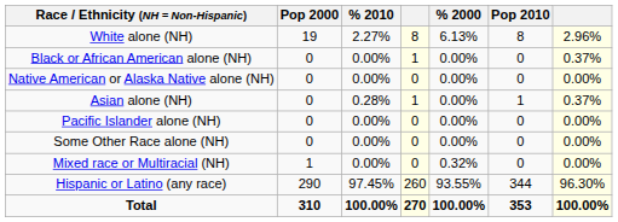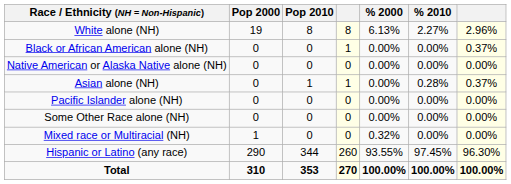 <table class="wikitable" style="text-align:center;">
 <tr>
 <th>Race / Ethnicity <small>(<em>NH = Non-Hispanic</em>)</small></th>
 <th>Pop 2000</th>
-<th>% 2010</th>
+<th>Pop 2010</th>
 <th></th>
 <th>% 2000</th>
-<th>Pop 2010</th>
+<th>% 2010</th>
 <th></th>
 </tr>
 <tr>
 <td><a href='#'>White</a> alone (NH)</td>
 <td>19</td>
-<td>2.27%</td>
+<td>8</td>
 <td style='background: #ffffe6;'>8</td>
 <td>6.13%</td>
-<td>8</td>
+<td>2.27%</td>
 <td style='background: #ffffe6;'>2.96%</td>
 </tr>
 <tr>
 <td><a href='#'>Black or African American</a> alone (NH)</td>
 <td>0</td>
-<td>0.00%</td>
+<td>0</td>
 <td style='background: #ffffe6;'>1</td>
 <td>0.00%</td>
-<td>0</td>
+<td>0.00%</td>
 <td style='background: #ffffe6;'>0.37%</td>
 </tr>
 <tr>
 <td><a href='#'>Native American</a> or <a href='#'>Alaska Native</a> alone (NH)</td>
 <td>0</td>
-<td>0.00%</td>
+<td>0</td>
 <td style='background: #ffffe6;'>0</td>
 <td>0.00%</td>
-<td>0</td>
+<td>0.00%</td>
 <td style='background: #ffffe6;'>0.00%</td>
 </tr>
 <tr>
 <td><a href='#'>Asian</a> alone (NH)</td>
 <td>0</td>
-<td>0.28%</td>
+<td>1</td>
 <td style='background: #ffffe6;'>1</td>
 <td>0.00%</td>
-<td>1</td>
+<td>0.28%</td>
 <td style='background: #ffffe6;'>0.37%</td>
 </tr>
 <tr>
 <td><a href='#'>Pacific Islander</a> alone (NH)</td>
 <td>0</td>
-<td>0.00%</td>
+<td>0</td>
 <td style='background: #ffffe6;'>0</td>
 <td>0.00%</td>
-<td>0</td>
+<td>0.00%</td>
 <td style='background: #ffffe6;'>0.00%</td>
 </tr>
 <tr>
 <td>Some Other Race alone (NH)</td>
 <td>0</td>
-<td>0.00%</td>
+<td>0</td>
 <td style='background: #ffffe6;'>0</td>
 <td>0.00%</td>
-<td>0</td>
+<td>0.00%</td>
 <td style='background: #ffffe6;'>0.00%</td>
 </tr>
 <tr>
 <td><a href='#'>Mixed race or Multiracial</a> (NH)</td>
 <td>1</td>
-<td>0.00%</td>
+<td>0</td>
 <td style='background: #ffffe6;'>0</td>
 <td>0.32%</td>
-<td>0</td>
+<td>0.00%</td>
 <td style='background: #ffffe6;'>0.00%</td>
 </tr>
 <tr>
 <td><a href='#'>Hispanic or Latino</a> (any race)</td>
 <td>290</td>
-<td>97.45%</td>
+<td>344</td>
 <td style='background: #ffffe6;'>260</td>
 <td>93.55%</td>
-<td>344</td>
+<td>97.45%</td>
 <td style='background: #ffffe6;'>96.30%</td>
 </tr>
 <tr>
 <td><strong>Total</strong></td>
 <td><strong>310</strong></td>
-<td><strong>100.00%</strong></td>
+<td><strong>353</strong></td>
 <td style='background: #ffffe6;'><strong>270</strong></td>
 <td><strong>100.00%</strong></td>
-<td><strong>353</strong></td>
+<td><strong>100.00%</strong></td>
 <td style='background: #ffffe6;'><strong>100.00%</strong></td>
 </tr>
 </table>
